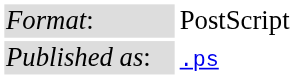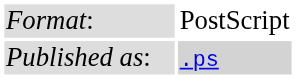 <table style="text-align:left;">
 <tr>
 <td style="background:#ddd; width:100px;"><em>Format</em>:</td>
 <td>PostScript</td>
 </tr>
 <tr>
 <td style="background:#ddd;"><em>Published as</em>:</td>
-<td><code><a href='#'>.ps</a></code></td>
+<td style="background: lightgrey;"><code><a href='#'>.ps</a></code></td>
 </tr>
 </table>
